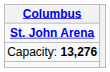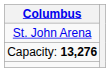 <table class="wikitable" style="text-align:center">
 <tr>
 <th><a href='#'>Columbus</a></th>
 <th rowspan=4></th>
 </tr>
 <tr>
-<td><strong><a href='#'>St. John Arena</a></strong></td>
+<td><a href='#'>St. John Arena</a></td>
 </tr>
 <tr>
 <td>Capacity: <strong>13,276</strong></td>
 </tr>
 <tr>
 <td></td>
 </tr>
 </table>
